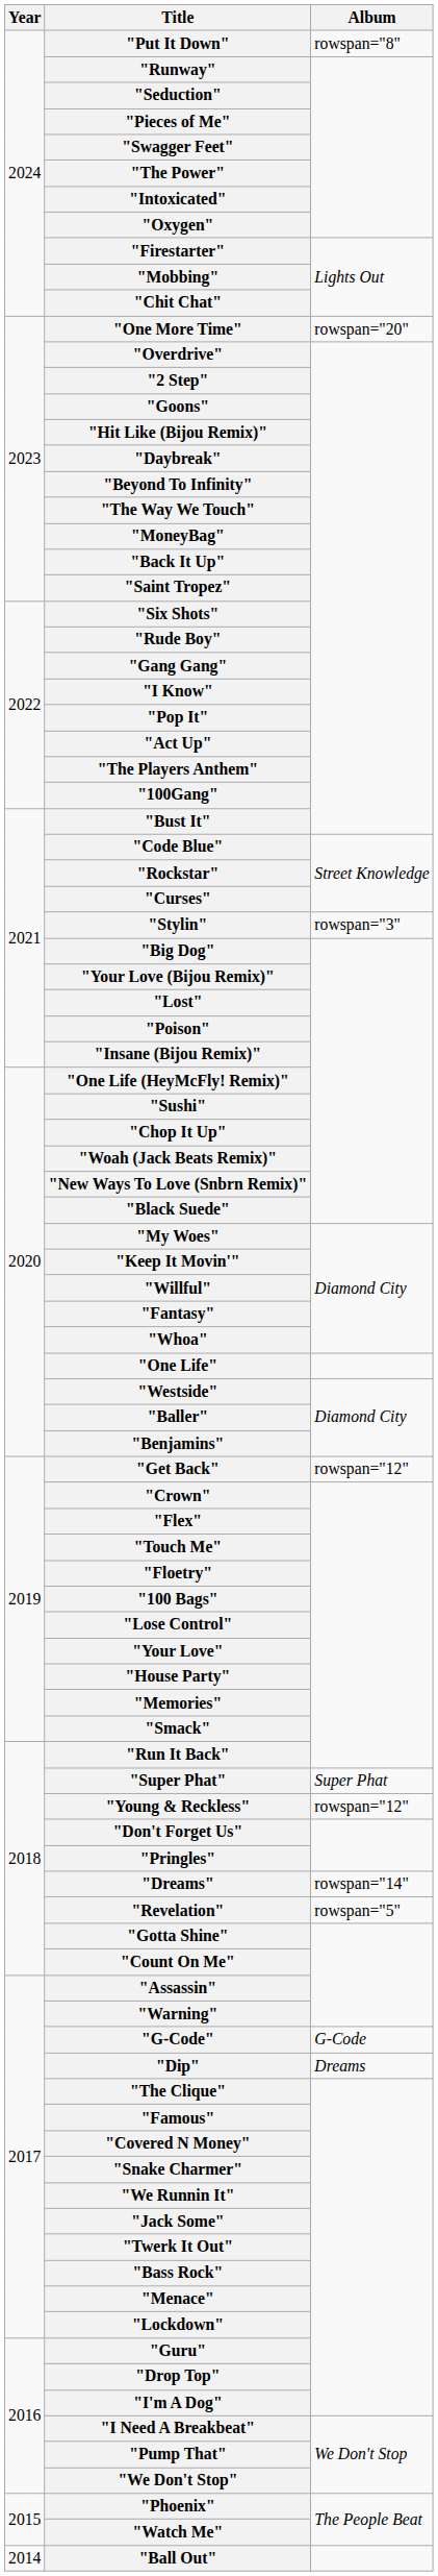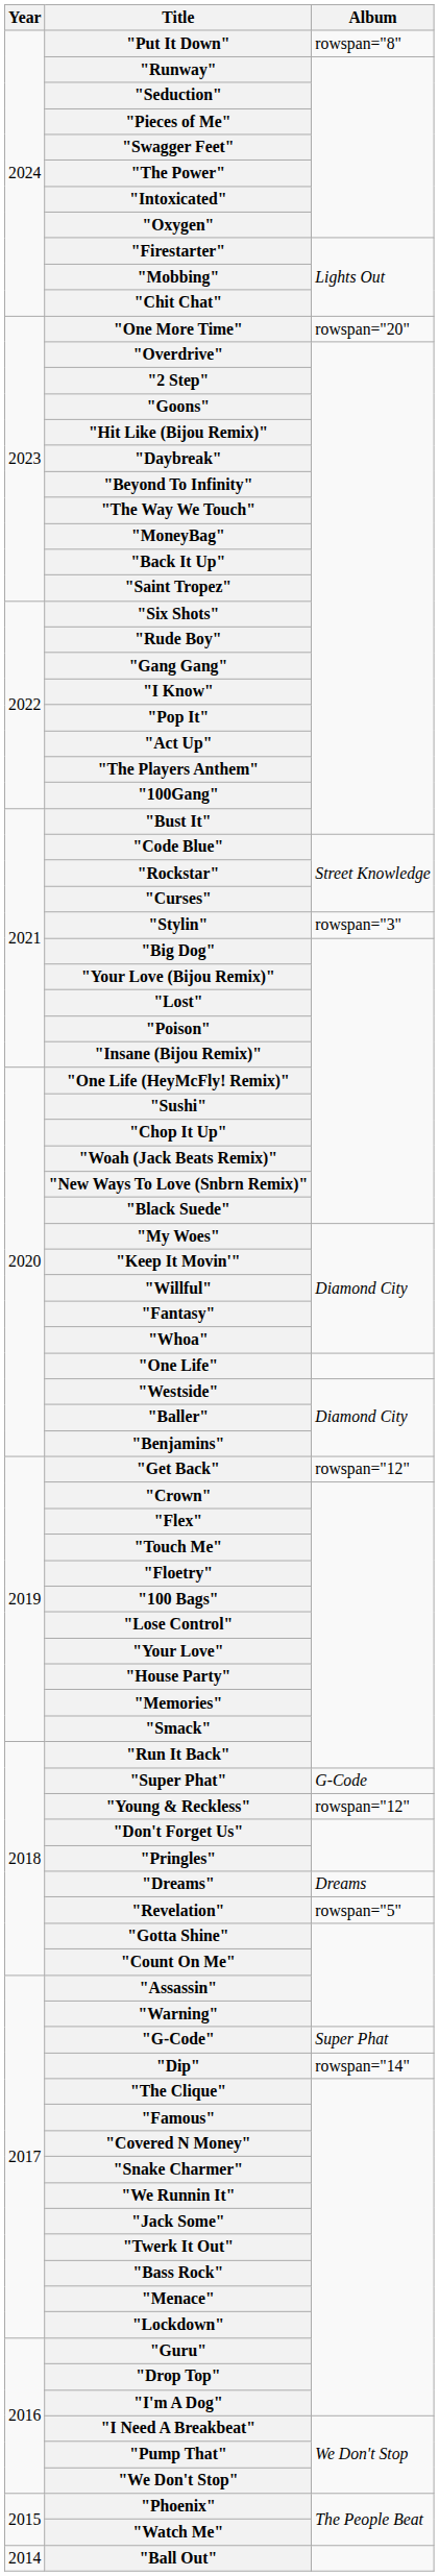 <table class="wikitable plainrowheaders" style="text-align:left;">
 <tr>
 <th rowspan="1" scope="col">Year</th>
 <th rowspan="1" scope="col">Title</th>
 <th rowspan="1" scope="col">Album</th>
 </tr>
 <tr>
 <td rowspan="11">2024</td>
 <th scope="row">"Put It Down"<br></th>
 <td>rowspan="8" </td>
 </tr>
 <tr>
 <th scope="row">"Runway"<br></th>
 </tr>
 <tr>
 <th scope="row">"Seduction"<br></th>
 </tr>
 <tr>
 <th scope="row">"Pieces of Me"<br></th>
 </tr>
 <tr>
 <th scope="row">"Swagger Feet"<br></th>
 </tr>
 <tr>
 <th scope="row">"The Power"<br></th>
 </tr>
 <tr>
 <th scope="row">"Intoxicated"<br></th>
 </tr>
 <tr>
 <th scope="row">"Oxygen"<br></th>
 </tr>
 <tr>
 <th scope="row">"Firestarter"<br></th>
 <td rowspan="3"><em>Lights Out</em></td>
 </tr>
 <tr>
 <th scope="row">"Mobbing"<br></th>
 </tr>
 <tr>
 <th scope="row">"Chit Chat"<br></th>
 </tr>
 <tr>
 <td rowspan="11">2023</td>
 <th scope="row">"One More Time"<br></th>
 <td>rowspan="20"</td>
 </tr>
 <tr>
 <th scope="row">"Overdrive"<br></th>
 </tr>
 <tr>
 <th scope="row">"2 Step"</th>
 </tr>
 <tr>
 <th scope="row">"Goons"<br></th>
 </tr>
 <tr>
 <th scope="row">"Hit Like (Bijou Remix)"<br></th>
 </tr>
 <tr>
 <th scope="row">"Daybreak"<br></th>
 </tr>
 <tr>
 <th scope="row">"Beyond To Infinity"<br></th>
 </tr>
 <tr>
 <th scope="row">"The Way We Touch"<br></th>
 </tr>
 <tr>
 <th scope="row">"MoneyBag"<br></th>
 </tr>
 <tr>
 <th scope="row">"Back It Up"<br></th>
 </tr>
 <tr>
 <th scope="row">"Saint Tropez"<br></th>
 </tr>
 <tr>
 <td rowspan="8">2022</td>
 <th scope="row">"Six Shots"</th>
 </tr>
 <tr>
 <th scope="row">"Rude Boy"<br></th>
 </tr>
 <tr>
 <th scope="row">"Gang Gang"</th>
 </tr>
 <tr>
 <th scope="row">"I Know"<br></th>
 </tr>
 <tr>
 <th scope="row">"Pop It"</th>
 </tr>
 <tr>
 <th scope="row">"Act Up"</th>
 </tr>
 <tr>
 <th scope="row">"The Players Anthem"<br></th>
 </tr>
 <tr>
 <th scope="row">"100Gang"<br></th>
 </tr>
 <tr>
 <td rowspan="10">2021</td>
 <th scope="row">"Bust It"<br></th>
 </tr>
 <tr>
 <th scope="row">"Code Blue"<br></th>
 <td rowspan="3"><em>Street Knowledge</em></td>
 </tr>
 <tr>
 <th scope="row">"Rockstar"<br></th>
 </tr>
 <tr>
 <th scope="row">"Curses"<br></th>
 </tr>
 <tr>
 <th scope="row">"Stylin"<br></th>
 <td>rowspan="3"</td>
 </tr>
 <tr>
 <th scope="row">"Big Dog"<br></th>
 </tr>
 <tr>
 <th scope="row">"Your Love (Bijou Remix)"<br></th>
 </tr>
 <tr>
 <th scope="row">"Lost"<br></th>
 </tr>
 <tr>
 <th scope="row">"Poison"<br></th>
 </tr>
 <tr>
 <th scope="row">"Insane (Bijou Remix)"<br></th>
 </tr>
 <tr>
 <td rowspan="15">2020</td>
 <th scope="row">"One Life (HeyMcFly! Remix)"<br></th>
 </tr>
 <tr>
 <th scope="row">"Sushi"<br></th>
 </tr>
 <tr>
 <th scope="row">"Chop It Up"<br></th>
 </tr>
 <tr>
 <th scope="row">"Woah (Jack Beats Remix)"<br></th>
 </tr>
 <tr>
 <th scope="row">"New Ways To Love (Snbrn Remix)"<br></th>
 </tr>
 <tr>
 <th scope="row">"Black Suede"<br></th>
 </tr>
 <tr>
 <th scope="row">"My Woes"<br></th>
 <td rowspan="5"><em>Diamond City</em></td>
 </tr>
 <tr>
 <th scope="row">"Keep It Movin'"<br></th>
 </tr>
 <tr>
 <th scope="row">"Willful"<br></th>
 </tr>
 <tr>
 <th scope="row">"Fantasy"<br></th>
 </tr>
 <tr>
 <th scope="row">"Whoa"<br></th>
 </tr>
 <tr>
 <th scope="row">"One Life"<br></th>
 <td></td>
 </tr>
 <tr>
 <th scope="row">"Westside"<br></th>
 <td rowspan="3"><em>Diamond City</em></td>
 </tr>
 <tr>
 <th scope="row">"Baller"<br></th>
 </tr>
 <tr>
 <th scope="row">"Benjamins"<br></th>
 </tr>
 <tr>
 <td rowspan="11">2019</td>
 <th scope="row">"Get Back"<br></th>
 <td>rowspan="12"</td>
 </tr>
 <tr>
 <th scope="row">"Crown"<br></th>
 </tr>
 <tr>
 <th scope="row">"Flex"<br></th>
 </tr>
 <tr>
 <th scope="row">"Touch Me"</th>
 </tr>
 <tr>
 <th scope="row">"Floetry"<br></th>
 </tr>
 <tr>
 <th scope="row">"100 Bags"<br></th>
 </tr>
 <tr>
 <th scope="row">"Lose Control"<br></th>
 </tr>
 <tr>
 <th scope="row">"Your Love"</th>
 </tr>
 <tr>
 <th scope="row">"House Party"<br></th>
 </tr>
 <tr>
 <th scope="row">"Memories"</th>
 </tr>
 <tr>
 <th scope="row">"Smack"</th>
 </tr>
 <tr>
 <td rowspan="9">2018</td>
 <th scope="row">"Run It Back"<br></th>
 </tr>
 <tr>
 <th scope="row">"Super Phat"<br></th>
-<td><em>Super Phat</em></td>
+<td><em>G-Code</em></td>
 </tr>
 <tr>
 <th scope="row">"Young & Reckless"<br></th>
 <td>rowspan="12"</td>
 </tr>
 <tr>
 <th scope="row">"Don't Forget Us"<br></th>
 </tr>
 <tr>
 <th scope="row">"Pringles"<br></th>
 </tr>
 <tr>
 <th scope="row">"Dreams"</th>
-<td>rowspan="14"</td>
+<td><em>Dreams</em></td>
 </tr>
 <tr>
 <th scope="row">"Revelation"<br></th>
 <td>rowspan="5"</td>
 </tr>
 <tr>
 <th scope="row">"Gotta Shine"<br></th>
 </tr>
 <tr>
 <th scope="row">"Count On Me"<br></th>
 </tr>
 <tr>
 <td rowspan="14">2017</td>
 <th scope="row">"Assassin"</th>
 </tr>
 <tr>
 <th scope="row">"Warning"</th>
 </tr>
 <tr>
 <th scope="row">"G-Code"</th>
-<td><em>G-Code</em></td>
+<td><em>Super Phat</em></td>
 </tr>
 <tr>
 <th scope="row">"Dip"<br></th>
-<td><em>Dreams</em></td>
+<td>rowspan="14"</td>
 </tr>
 <tr>
 <th scope="row">"The Clique"<br></th>
 </tr>
 <tr>
 <th scope="row">"Famous"<br></th>
 </tr>
 <tr>
 <th scope="row">"Covered N Money"</th>
 </tr>
 <tr>
 <th scope="row">"Snake Charmer"</th>
 </tr>
 <tr>
 <th scope="row">"We Runnin It"<br></th>
 </tr>
 <tr>
 <th scope="row">"Jack Some"<br></th>
 </tr>
 <tr>
 <th scope="row">"Twerk It Out"<br></th>
 </tr>
 <tr>
 <th scope="row">"Bass Rock"<br></th>
 </tr>
 <tr>
 <th scope="row">"Menace"</th>
 </tr>
 <tr>
 <th scope="row">"Lockdown"</th>
 </tr>
 <tr>
 <td rowspan="6">2016</td>
 <th scope="row">"Guru"</th>
 </tr>
 <tr>
 <th scope="row">"Drop Top"</th>
 </tr>
 <tr>
 <th scope="row">"I'm A Dog"</th>
 </tr>
 <tr>
 <th scope="row">"I Need A Breakbeat"</th>
 <td rowspan="3"><em>We Don't Stop</em></td>
 </tr>
 <tr>
 <th scope="row">"Pump That"<br></th>
 </tr>
 <tr>
 <th scope="row">"We Don't Stop"</th>
 </tr>
 <tr>
 <td rowspan="2">2015</td>
 <th scope="row">"Phoenix"<br></th>
 <td rowspan="2"><em>The People Beat</em></td>
 </tr>
 <tr>
 <th scope="row">"Watch Me"<br></th>
 </tr>
 <tr>
 <td>2014</td>
 <th scope="row">"Ball Out"<br></th>
 <td></td>
 </tr>
 </table>
